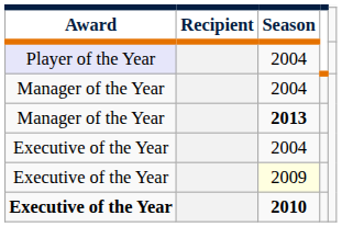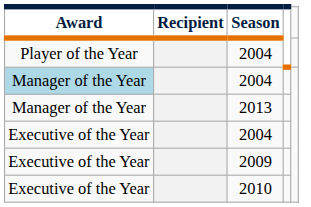 <table class="wikitable sortable plainrowheaders" style="font-size: 95%; text-align:center;">
 <tr>
 <th scope="col" style="background-color:#ffffff; border-top:#041e42 5px solid; border-bottom:#e57200 5px solid; color:#041e42">Award</th>
 <th scope="col" style="background-color:#ffffff; border-top:#041e42 5px solid; border-bottom:#e57200 5px solid; color:#041e42">Recipient</th>
 <th scope="col" style="background-color:#ffffff; border-top:#041e42 5px solid; border-bottom:#e57200 5px solid; color:#041e42">Season</th>
 <th rowspan="2" class="unsortable" scope="col" style="background-color:#ffffff; border-top:#041e42  5px solid; border-bottom:#e57200 5px solid; color:#041e42"></th>
 </tr>
 <tr>
-<td style="background: lavender;">Player of the Year</td>
+<td>Player of the Year</td>
+<th scope="row" style="text-align:center"></th>
+<td>2004</td>
+<td></td>
+</tr>
+<tr>
+<td style="background: lightblue;">Manager of the Year</td>
 <th scope="row" style="text-align:center"></th>
 <td>2004</td>
 <td></td>
 </tr>
 <tr>
 <td>Manager of the Year</td>
 <th scope="row" style="text-align:center"></th>
-<td>2004</td>
-<td></td>
-</tr>
-<tr>
-<td>Manager of the Year</td>
-<th scope="row" style="text-align:center"></th>
-<td><strong>2013</strong></td>
+<td>2013</td>
 <td></td>
 </tr>
 <tr>
 <td>Executive of the Year</td>
 <th scope="row" style="text-align:center"></th>
 <td>2004</td>
 <td></td>
 </tr>
 <tr>
 <td>Executive of the Year</td>
 <th scope="row" style="text-align:center"></th>
-<td style="background: lightyellow;">2009</td>
+<td>2009</td>
 <td></td>
 </tr>
 <tr>
-<td><strong>Executive of the Year</strong></td>
+<td>Executive of the Year</td>
 <th scope="row" style="text-align:center"></th>
-<td><strong>2010</strong></td>
+<td>2010</td>
 <td></td>
 </tr>
 </table>
